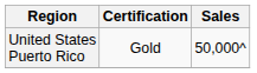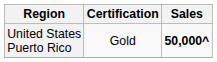 <table class="wikitable sortable">
 <tr>
 <th>Region</th>
 <th>Certification</th>
 <th>Sales</th>
 </tr>
 <tr>
 <td scope="row" style="background-color: #f2f2f2;">United States<br>Puerto Rico</td>
 <td style="text-align:center">Gold</td>
-<td style="text-align:center">50,000^</td>
+<td style="text-align:center"><strong>50,000^</strong></td>
 </tr>
 <tr>
 </tr>
 </table>
